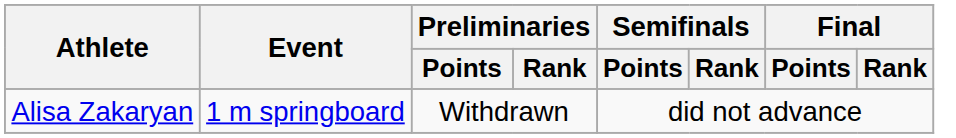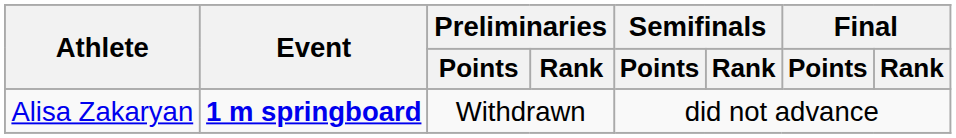 <table class="wikitable" style="text-align:center; font-size:90%">
 <tr>
 <th rowspan="2">Athlete</th>
 <th rowspan="2">Event</th>
 <th colspan="2">Preliminaries</th>
 <th colspan="2">Semifinals</th>
 <th colspan="2">Final</th>
 </tr>
 <tr style="font-size:95%">
 <th>Points</th>
 <th>Rank</th>
 <th>Points</th>
 <th>Rank</th>
 <th>Points</th>
 <th>Rank</th>
 </tr>
 <tr>
 <td align=left><a href='#'>Alisa Zakaryan</a></td>
-<td align=left><a href='#'>1 m springboard</a></td>
+<td align=left><strong><a href='#'>1 m springboard</a></strong></td>
 <td colspan=2>Withdrawn</td>
 <td colspan=4>did not advance</td>
 </tr>
 </table>
